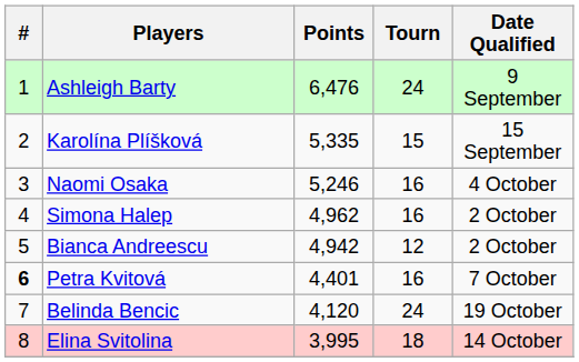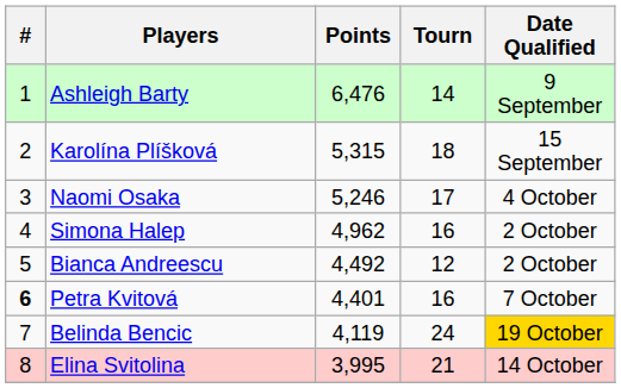 <table class="sortable wikitable"  style="float:right; text-align:center; font-size:90%; text:justify; margin-left:10px; margin-bottom:10px;">
 <tr>
 <th width=20>#</th>
 <th width=175>Players</th>
 <th width=50>Points</th>
 <th width=50>Tourn</th>
 <th width=80>Date Qualified</th>
 </tr>
 <tr style="background:#cfc;">
 <td>1</td>
 <td align=left> <a href='#'>Ashleigh Barty</a></td>
 <td>6,476</td>
-<td>24</td>
+<td>14</td>
 <td>9 September</td>
 </tr>
 <tr>
 <td>2</td>
 <td align=left> <a href='#'>Karolína Plíšková</a></td>
-<td>5,335</td>
-<td>15</td>
+<td>5,315</td>
+<td>18</td>
 <td>15 September</td>
 </tr>
 <tr>
 <td>3</td>
 <td align=left> <a href='#'>Naomi Osaka</a></td>
 <td>5,246</td>
-<td>16</td>
+<td>17</td>
 <td>4 October</td>
 </tr>
 <tr>
 <td>4</td>
 <td align="left"> <a href='#'>Simona Halep</a></td>
 <td>4,962</td>
 <td>16</td>
 <td>2 October</td>
 </tr>
 <tr>
 <td>5</td>
 <td align="left"> <a href='#'>Bianca Andreescu</a></td>
-<td>4,942</td>
+<td>4,492</td>
 <td>12</td>
 <td>2 October</td>
 </tr>
 <tr>
 <td><strong>6</strong></td>
 <td align=left> <a href='#'>Petra Kvitová</a></td>
 <td>4,401</td>
 <td>16</td>
 <td>7 October</td>
 </tr>
 <tr>
 <td>7</td>
 <td align=left> <a href='#'>Belinda Bencic</a></td>
-<td>4,120</td>
+<td>4,119</td>
 <td>24</td>
-<td>19 October</td>
+<td style="background: gold;">19 October</td>
 </tr>
 <tr style="background:#fcc;">
 <td>8</td>
 <td align=left> <a href='#'>Elina Svitolina</a></td>
 <td>3,995</td>
-<td>18</td>
+<td>21</td>
 <td>14 October</td>
 </tr>
 <tr>
 </tr>
 </table>
